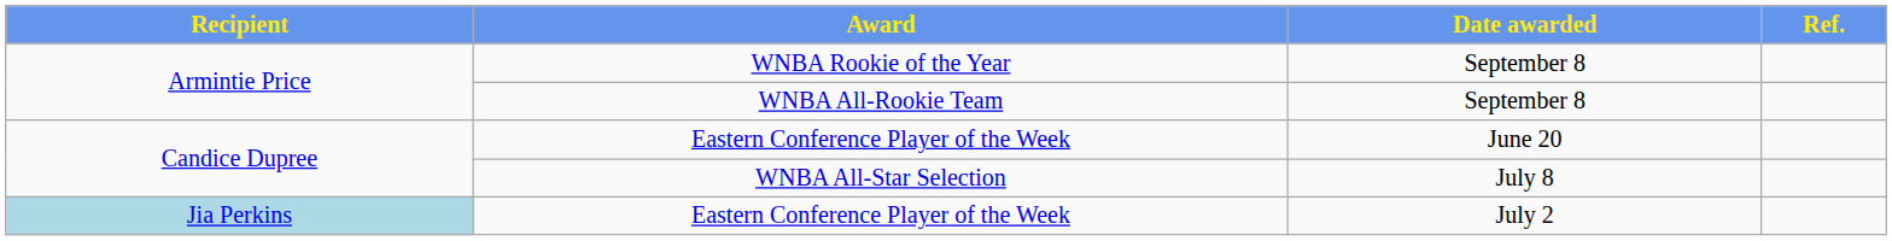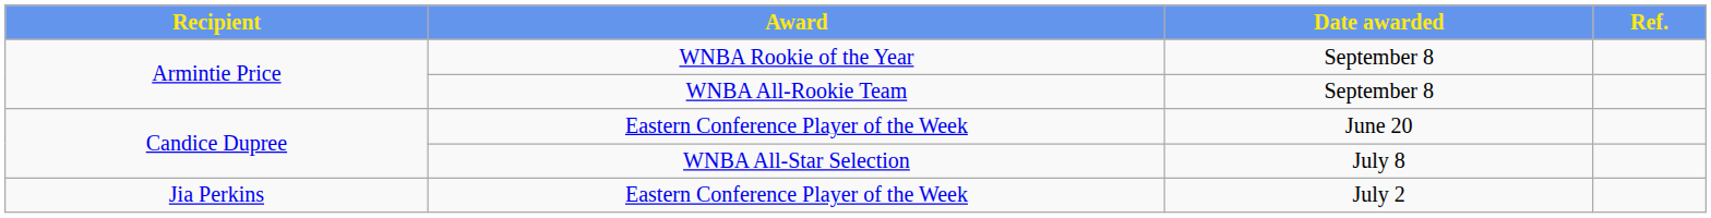 <table class="wikitable sortable sortable" style="text-align: center">
 <tr>
 <th style="background:#6495ED; color:#FDE910;"; width="5%">Recipient</th>
 <th style="background:#6495ED; color:#FDE910;"; width="9%">Award</th>
 <th style="background:#6495ED; color:#FDE910;"; width="5%">Date awarded</th>
 <th style="background:#6495ED; color:#FDE910;"; width="1%" class="unsortable">Ref.</th>
 </tr>
 <tr>
 <td rowspan=2><a href='#'>Armintie Price</a></td>
 <td><a href='#'>WNBA Rookie of the Year</a></td>
 <td>September 8</td>
 <td></td>
 </tr>
 <tr>
 <td><a href='#'>WNBA All-Rookie Team</a></td>
 <td>September 8</td>
 <td></td>
 </tr>
 <tr>
 <td rowspan=2><a href='#'>Candice Dupree</a></td>
 <td><a href='#'>Eastern Conference Player of the Week</a></td>
 <td>June 20</td>
 <td></td>
 </tr>
 <tr>
 <td><a href='#'>WNBA All-Star Selection</a></td>
 <td>July 8</td>
 <td></td>
 </tr>
 <tr>
-<td style="background: lightblue;"><a href='#'>Jia Perkins</a></td>
+<td><a href='#'>Jia Perkins</a></td>
 <td><a href='#'>Eastern Conference Player of the Week</a></td>
 <td>July 2</td>
 <td></td>
 </tr>
 </table>
